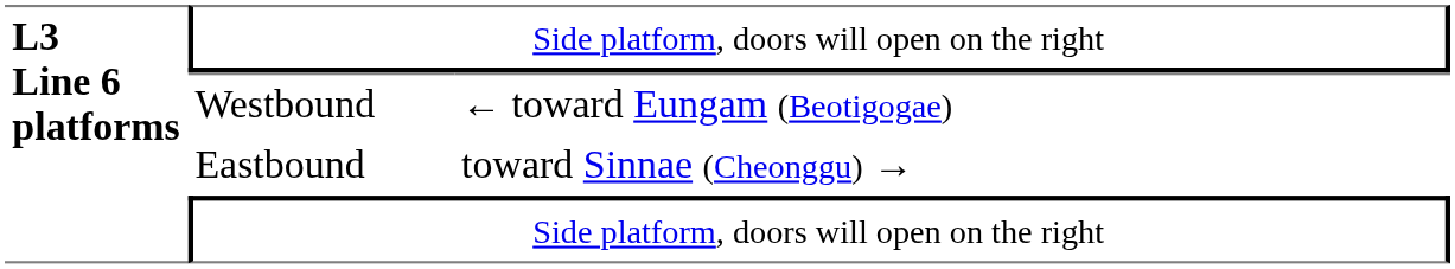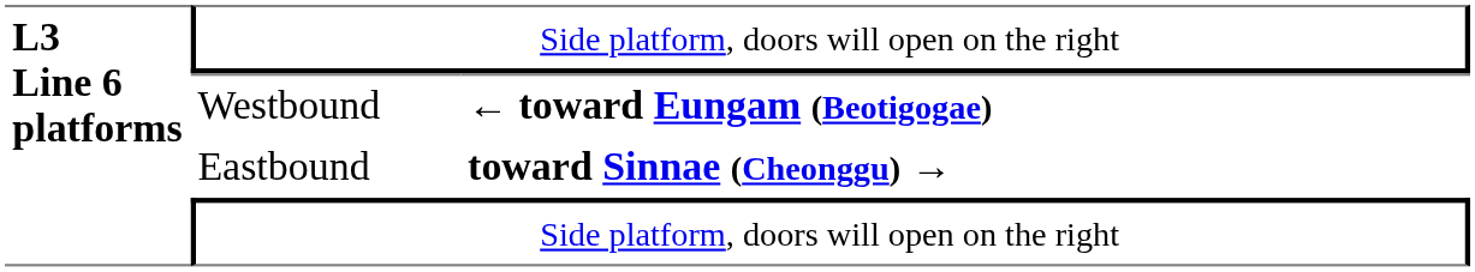 <table table border=0 cellspacing=0 cellpadding=3>
 <tr>
 <td style="border-top:solid 1px gray;border-bottom:solid 1px gray;" width=50 rowspan=10 valign=top><strong>L3<br>Line 6 platforms</strong></td>
 <td style="border-top:solid 1px gray;border-right:solid 2px black;border-left:solid 2px black;border-bottom:solid 2px black;text-align:center;" colspan=2><small><a href='#'>Side platform</a>, doors will open on the right </small></td>
 </tr>
 <tr>
 <td style="border-bottom:solid 0px gray;border-top:solid 1px gray;" width=100>Westbound</td>
-<td style="border-bottom:solid 0px gray;border-top:solid 1px gray;" width=390>←  toward <a href='#'>Eungam</a> <small>(<a href='#'>Beotigogae</a>)</small></td>
+<td style="border-bottom:solid 0px gray;border-top:solid 1px gray;" width=390><strong>←  toward <a href='#'>Eungam</a> <small>(<a href='#'>Beotigogae</a>)</small></strong></td>
 </tr>
 <tr>
 <td>Eastbound</td>
-<td>  toward <a href='#'>Sinnae</a> <small>(<a href='#'>Cheonggu</a>)</small> →</td>
+<td><strong>  toward <a href='#'>Sinnae</a> <small>(<a href='#'>Cheonggu</a>)</small> →</strong></td>
 </tr>
 <tr>
 <td style="border-top:solid 2px black;border-right:solid 2px black;border-left:solid 2px black;border-bottom:solid 1px gray;text-align:center;" colspan=2><small><a href='#'>Side platform</a>, doors will open on the right </small></td>
 </tr>
 </table>
